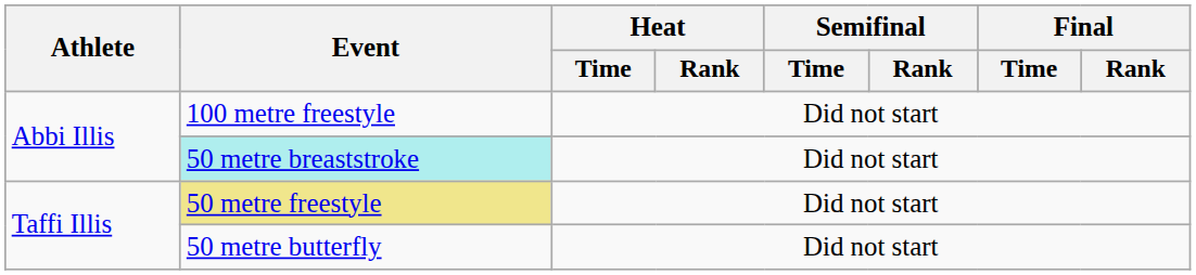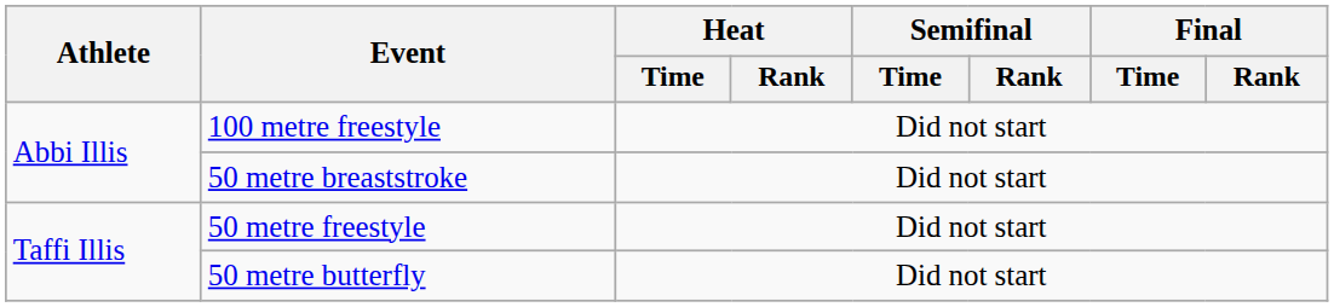 <table class="wikitable" style="text-align:center; font-size:90%; width:50%;">
 <tr>
 <th rowspan="2">Athlete</th>
 <th rowspan="2">Event</th>
 <th colspan="2">Heat</th>
 <th colspan="2">Semifinal</th>
 <th colspan="2">Final</th>
 </tr>
 <tr style="font-size:95%">
 <th>Time</th>
 <th>Rank</th>
 <th>Time</th>
 <th>Rank</th>
 <th>Time</th>
 <th>Rank</th>
 </tr>
 <tr>
 <td align=left rowspan=2><a href='#'>Abbi Illis</a></td>
 <td align=left><a href='#'>100 metre freestyle</a></td>
 <td colspan=6>Did not start</td>
 </tr>
 <tr>
-<td align=left style="background: paleturquoise;"><a href='#'>50 metre breaststroke</a></td>
+<td align=left><a href='#'>50 metre breaststroke</a></td>
 <td colspan=6>Did not start</td>
 </tr>
 <tr>
 <td align=left rowspan=2><a href='#'>Taffi Illis</a></td>
-<td align=left style="background: khaki;"><a href='#'>50 metre freestyle</a></td>
+<td align=left><a href='#'>50 metre freestyle</a></td>
 <td colspan=6>Did not start</td>
 </tr>
 <tr>
 <td align=left><a href='#'>50 metre butterfly</a></td>
 <td colspan=6>Did not start</td>
 </tr>
 </table>
